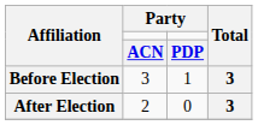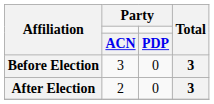 <table class="wikitable" style="text-align:center">
 <tr>
 <th rowspan="3">Affiliation</th>
 <th colspan="2">Party</th>
 <th rowspan="3">Total</th>
 </tr>
 <tr>
 <td style="background-color:"></td>
 <td style="background-color:"></td>
 </tr>
 <tr>
 <th><a href='#'>ACN</a></th>
 <th><a href='#'>PDP</a></th>
 </tr>
 <tr>
 <th>Before Election</th>
 <td>3</td>
-<td>1</td>
+<td>0</td>
 <th>3</th>
 </tr>
 <tr>
 <th>After Election</th>
 <td>2</td>
 <td>0</td>
 <th>3</th>
 </tr>
 <tr>
 </tr>
 </table>
